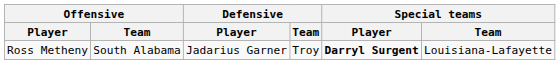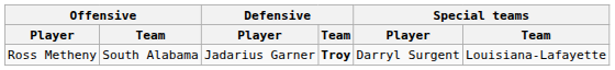 <table class="wikitable">
 <tr>
 <th colspan="2">Offensive</th>
 <th colspan="2">Defensive</th>
 <th colspan="2">Special teams</th>
 </tr>
 <tr>
 <th>Player</th>
 <th>Team</th>
 <th>Player</th>
 <th>Team</th>
 <th>Player</th>
 <th>Team</th>
 </tr>
 <tr>
 <td>Ross Metheny</td>
 <td>South Alabama</td>
 <td>Jadarius Garner</td>
-<td>Troy</td>
-<td><strong>Darryl Surgent</strong></td>
+<td><strong>Troy</strong></td>
+<td>Darryl Surgent</td>
 <td>Louisiana-Lafayette</td>
 </tr>
 </table>
